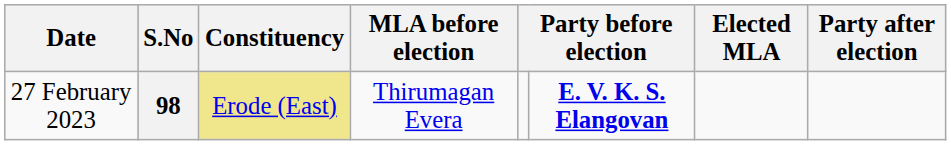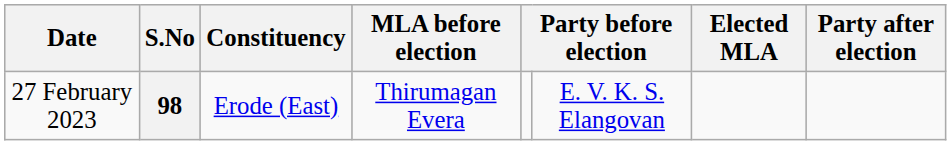 <table class="wikitable sortable" style="text-align:center;">
 <tr>
 <th>Date</th>
 <th>S.No</th>
 <th>Constituency</th>
 <th>MLA before election</th>
 <th colspan="2">Party before election</th>
 <th>Elected MLA</th>
 <th colspan="2">Party after election</th>
 </tr>
 <tr>
 <td>27 February 2023</td>
 <th>98</th>
-<td style="background: khaki;"><a href='#'>Erode (East)</a></td>
+<td><a href='#'>Erode (East)</a></td>
 <td><a href='#'>Thirumagan Evera</a></td>
 <td></td>
-<td><strong><a href='#'>E. V. K. S. Elangovan</a></strong></td>
+<td><a href='#'>E. V. K. S. Elangovan</a></td>
 <td></td>
 </tr>
 </table>
